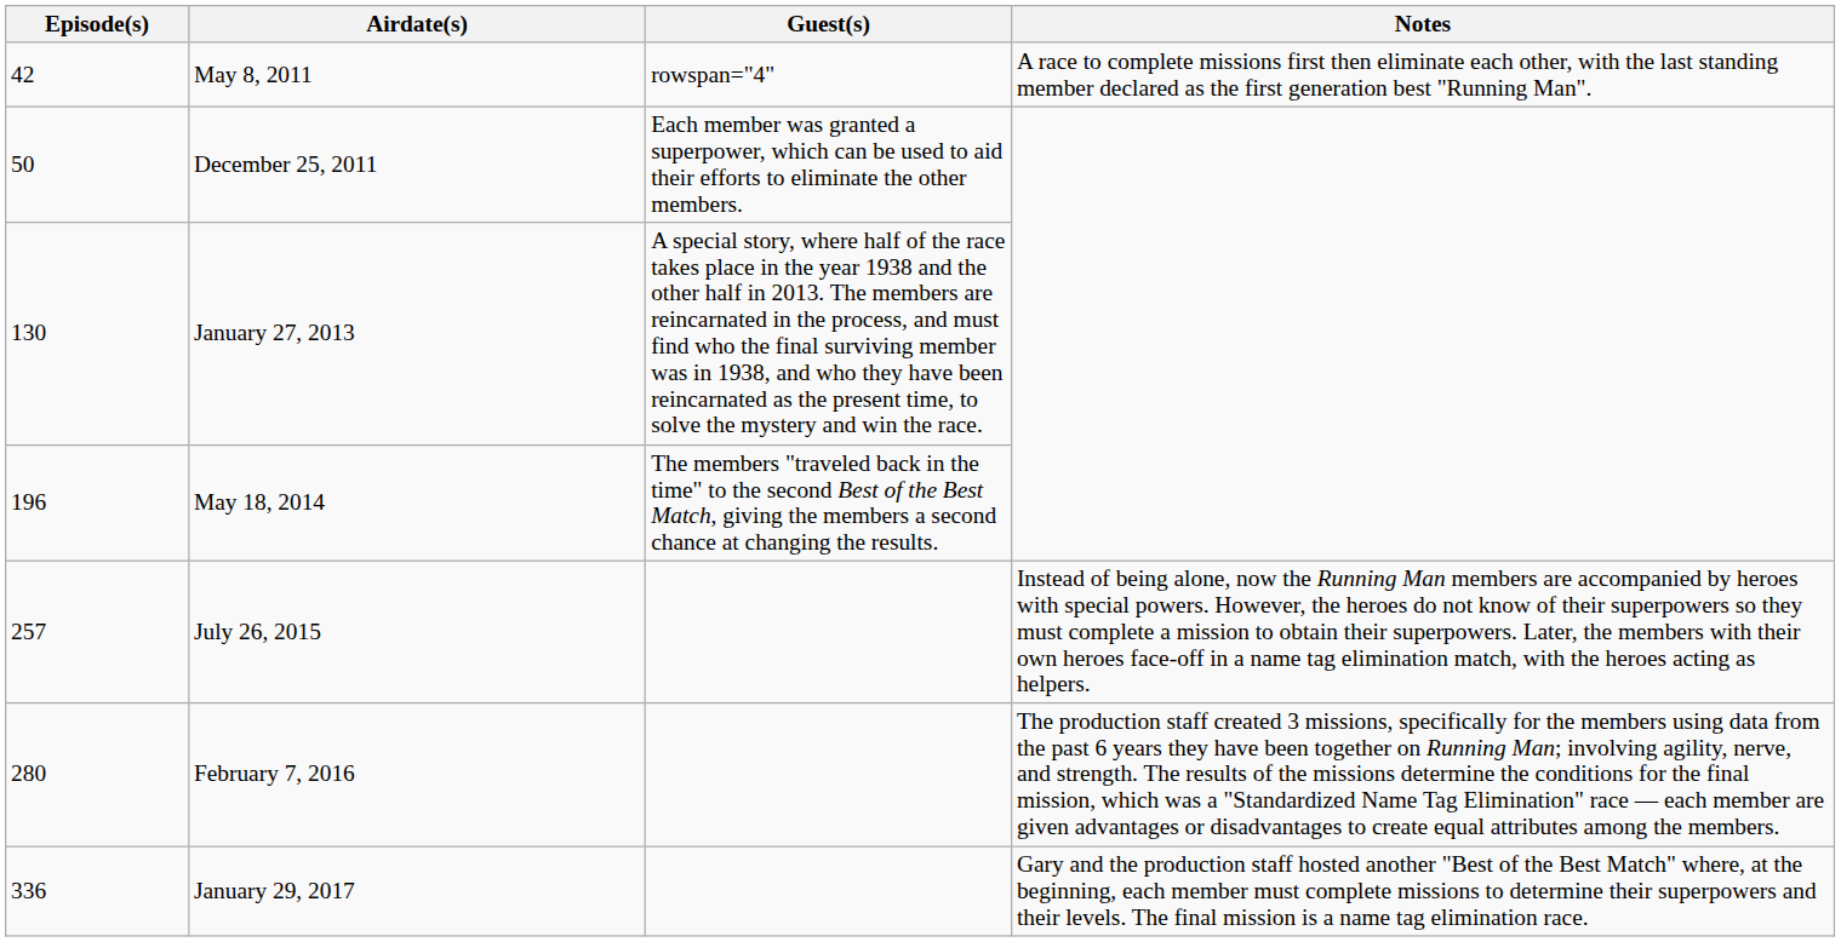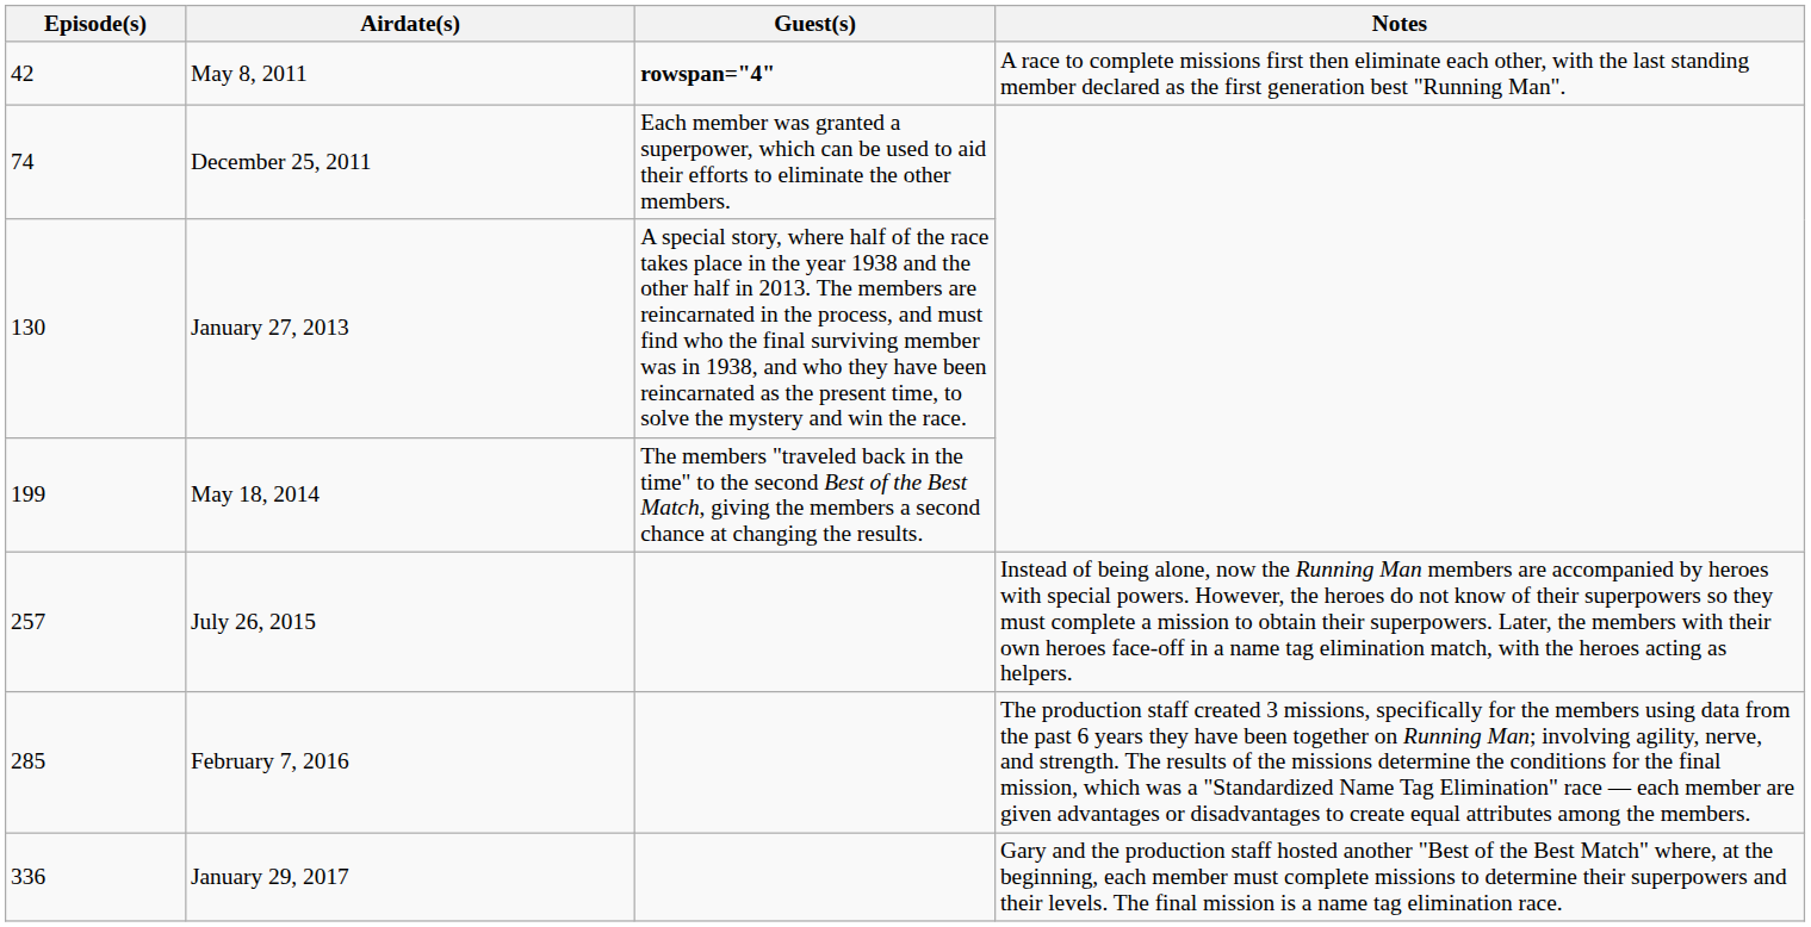 <table class="wikitable">
 <tr>
 <th style="width:10%;">Episode(s)</th>
 <th style="width:25%;">Airdate(s)</th>
 <th style="width:20%;">Guest(s)</th>
 <th style="width:55%;">Notes</th>
 </tr>
 <tr>
 <td>42</td>
 <td>May 8, 2011</td>
-<td>rowspan="4" </td>
+<td><strong>rowspan="4" </strong></td>
 <td>A race to complete missions first then eliminate each other, with the last standing member declared as the first generation best "Running Man".</td>
 </tr>
 <tr>
-<td>50</td>
+<td>74</td>
 <td>December 25, 2011</td>
 <td>Each member was granted a superpower, which can be used to aid their efforts to eliminate the other members.</td>
 </tr>
 <tr>
 <td>130</td>
 <td>January 27, 2013</td>
 <td>A special story, where half of the race takes place in the year 1938 and the other half in 2013. The members are reincarnated in the process, and must find who the final surviving member was in 1938, and who they have been reincarnated as the present time, to solve the mystery and win the race.</td>
 </tr>
 <tr>
-<td>196</td>
+<td>199</td>
 <td>May 18, 2014</td>
 <td>The members "traveled back in the time" to the second <em>Best of the Best Match</em>, giving the members a second chance at changing the results.</td>
 </tr>
 <tr>
 <td>257</td>
 <td>July 26, 2015</td>
 <td></td>
 <td>Instead of being alone, now the <em>Running Man</em> members are accompanied by heroes with special powers. However, the heroes do not know of their superpowers so they must complete a mission to obtain their superpowers. Later, the members with their own heroes face-off in a name tag elimination match, with the heroes acting as helpers.</td>
 </tr>
 <tr>
-<td>280</td>
+<td>285</td>
 <td>February 7, 2016</td>
 <td></td>
 <td>The production staff created 3 missions, specifically for the members using data from the past 6 years they have been together on <em>Running Man</em>; involving agility, nerve, and strength. The results of the missions determine the conditions for the final mission, which was a "Standardized Name Tag Elimination" race — each member are given advantages or disadvantages to create equal attributes among the members.</td>
 </tr>
 <tr>
 <td>336</td>
 <td>January 29, 2017</td>
 <td></td>
 <td>Gary and the production staff hosted another "Best of the Best Match" where, at the beginning, each member must complete missions to determine their superpowers and their levels. The final mission is a name tag elimination race.</td>
 </tr>
 </table>
